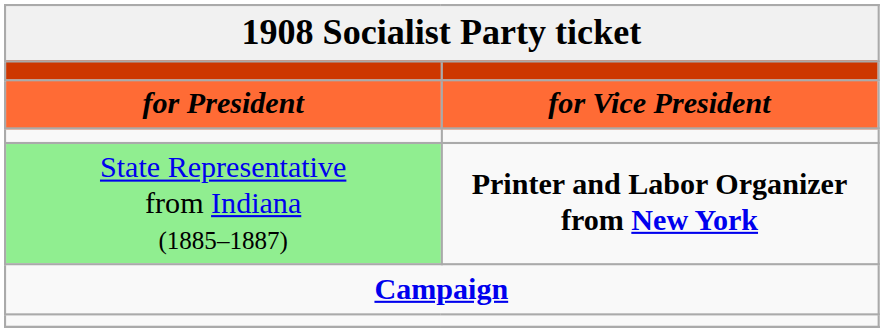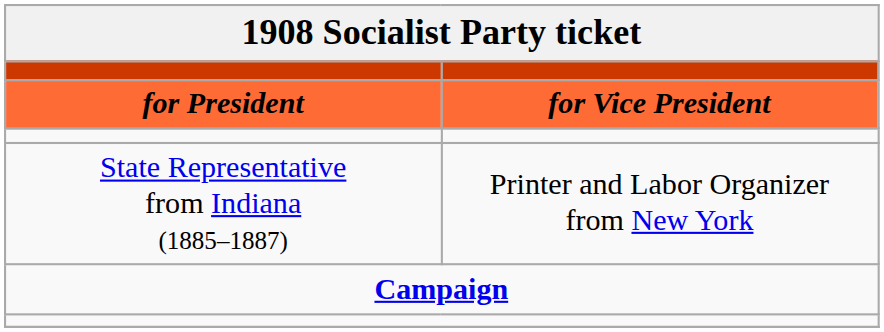 <table class="wikitable" style="font-size:90%; text-align:center;">
 <tr>
 <td style="background:#f1f1f1;" colspan="30"><big><strong>1908 Socialist Party ticket</strong></big></td>
 </tr>
 <tr>
 <th style="width:3em; font-size:135%; background:#CD3700; width:200px;"><a href='#'></a></th>
 <th style="width:3em; font-size:135%; background:#CD3700; width:200px;"><a href='#'></a></th>
 </tr>
 <tr style="color:#000; font-size:100%; background:#ff6b35;">
 <td style="width:3em; width:200px;"><strong><em>for President</em></strong></td>
 <td style="width:3em; width:200px;"><strong><em>for Vice President</em></strong></td>
 </tr>
 <tr>
 <td></td>
 <td></td>
 </tr>
 <tr>
-<td style="background: lightgreen;"><a href='#'>State Representative</a><br>from <a href='#'>Indiana</a><br><small>(1885–1887)</small></td>
-<td><strong>Printer and Labor Organizer<br>from <a href='#'>New York</a></strong></td>
+<td><a href='#'>State Representative</a><br>from <a href='#'>Indiana</a><br><small>(1885–1887)</small></td>
+<td>Printer and Labor Organizer<br>from <a href='#'>New York</a></td>
 </tr>
 <tr>
 <td colspan=2><a href='#'><strong>Campaign</strong></a></td>
 </tr>
 <tr>
 <td colspan=2></td>
 </tr>
 <tr>
 </tr>
 </table>
